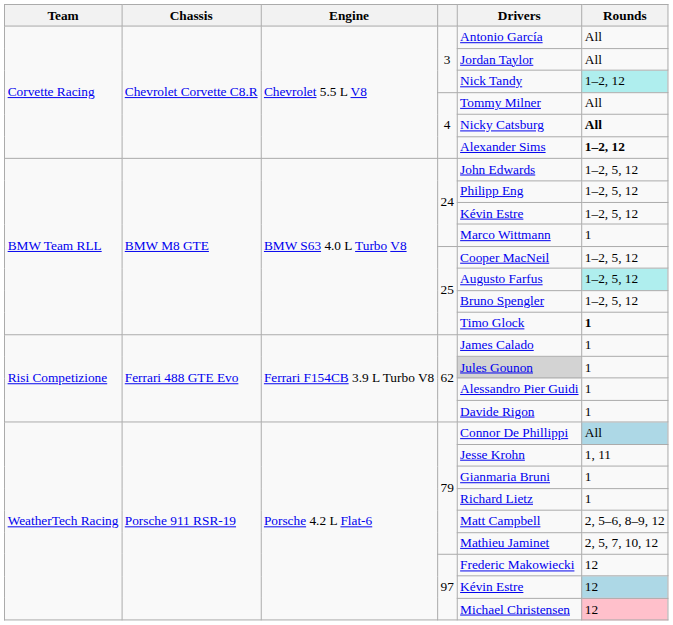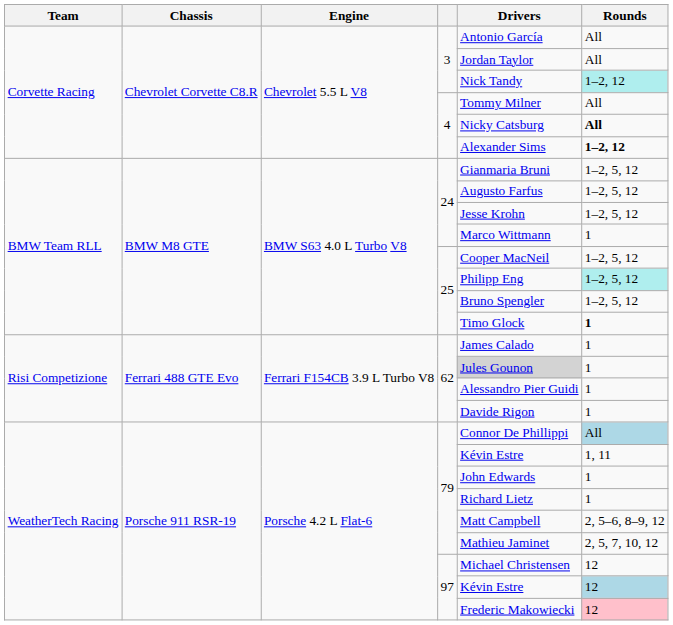 <table class="wikitable" style="font-size: 85%">
 <tr>
 <th>Team</th>
 <th>Chassis</th>
 <th>Engine</th>
 <th></th>
 <th>Drivers</th>
 <th>Rounds</th>
 </tr>
 <tr>
 <td rowspan=6> <a href='#'>Corvette Racing</a></td>
 <td rowspan=6><a href='#'>Chevrolet Corvette C8.R</a></td>
 <td rowspan=6><a href='#'>Chevrolet</a> 5.5 L  <a href='#'>V8</a></td>
 <td align="center" rowspan=3>3</td>
 <td> <a href='#'>Antonio García</a></td>
 <td>All</td>
 </tr>
 <tr>
 <td> <a href='#'>Jordan Taylor</a></td>
 <td>All</td>
 </tr>
 <tr>
 <td> <a href='#'>Nick Tandy</a></td>
 <td style="background: paleturquoise;">1–2, 12</td>
 </tr>
 <tr>
 <td align="center" rowspan=3>4</td>
 <td> <a href='#'>Tommy Milner</a></td>
 <td>All</td>
 </tr>
 <tr>
 <td> <a href='#'>Nicky Catsburg</a></td>
 <td><strong>All</strong></td>
 </tr>
 <tr>
 <td> <a href='#'>Alexander Sims</a></td>
 <td><strong>1–2, 12</strong></td>
 </tr>
 <tr>
 <td rowspan=8> <a href='#'>BMW Team RLL</a></td>
 <td rowspan=8><a href='#'>BMW M8 GTE</a></td>
 <td rowspan=8><a href='#'>BMW S63</a> 4.0 L <a href='#'>Turbo</a> <a href='#'>V8</a></td>
 <td align="center" rowspan=4>24</td>
-<td> <a href='#'>John Edwards</a></td>
+<td> <a href='#'>Gianmaria Bruni</a></td>
 <td>1–2, 5, 12</td>
 </tr>
 <tr>
-<td> <a href='#'>Philipp Eng</a></td>
+<td> <a href='#'>Augusto Farfus</a></td>
 <td>1–2, 5, 12</td>
 </tr>
 <tr>
-<td> <a href='#'>Kévin Estre</a></td>
+<td> <a href='#'>Jesse Krohn</a></td>
 <td>1–2, 5, 12</td>
 </tr>
 <tr>
 <td> <a href='#'>Marco Wittmann</a></td>
 <td>1</td>
 </tr>
 <tr>
 <td align="center" rowspan=4>25</td>
 <td> <a href='#'>Cooper MacNeil</a></td>
 <td>1–2, 5, 12</td>
 </tr>
 <tr>
-<td> <a href='#'>Augusto Farfus</a></td>
+<td> <a href='#'>Philipp Eng</a></td>
 <td style="background: paleturquoise;">1–2, 5, 12</td>
 </tr>
 <tr>
 <td> <a href='#'>Bruno Spengler</a></td>
 <td>1–2, 5, 12</td>
 </tr>
 <tr>
 <td> <a href='#'>Timo Glock</a></td>
 <td><strong>1</strong></td>
 </tr>
 <tr>
 <td rowspan=4> <a href='#'>Risi Competizione</a></td>
 <td rowspan=4><a href='#'>Ferrari 488 GTE Evo</a></td>
 <td rowspan=4><a href='#'>Ferrari F154CB</a> 3.9 L Turbo V8</td>
 <td rowspan=4 align="center">62</td>
 <td> <a href='#'>James Calado</a></td>
 <td>1</td>
 </tr>
 <tr>
 <td style="background: lightgrey;"> <a href='#'>Jules Gounon</a></td>
 <td>1</td>
 </tr>
 <tr>
 <td> <a href='#'>Alessandro Pier Guidi</a></td>
 <td>1</td>
 </tr>
 <tr>
 <td> <a href='#'>Davide Rigon</a></td>
 <td>1</td>
 </tr>
 <tr>
 <td rowspan="9"> <a href='#'>WeatherTech Racing</a></td>
 <td rowspan="9"><a href='#'>Porsche 911 RSR-19</a></td>
 <td rowspan="9"><a href='#'>Porsche</a> 4.2 L <a href='#'>Flat-6</a></td>
 <td rowspan=6 align="center">79</td>
 <td> <a href='#'>Connor De Phillippi</a></td>
 <td style="background: lightblue;">All</td>
 </tr>
 <tr>
-<td> <a href='#'>Jesse Krohn</a></td>
+<td> <a href='#'>Kévin Estre</a></td>
 <td>1, 11</td>
 </tr>
 <tr>
-<td> <a href='#'>Gianmaria Bruni</a></td>
+<td> <a href='#'>John Edwards</a></td>
 <td>1</td>
 </tr>
 <tr>
 <td> <a href='#'>Richard Lietz</a></td>
 <td>1</td>
 </tr>
 <tr>
 <td> <a href='#'>Matt Campbell</a></td>
 <td>2, 5–6, 8–9, 12</td>
 </tr>
 <tr>
 <td> <a href='#'>Mathieu Jaminet</a></td>
 <td>2, 5, 7, 10, 12</td>
 </tr>
 <tr>
 <td rowspan=3 align="center">97</td>
-<td> <a href='#'>Frederic Makowiecki</a></td>
+<td> <a href='#'>Michael Christensen</a></td>
 <td>12</td>
 </tr>
 <tr>
 <td> <a href='#'>Kévin Estre</a></td>
 <td style="background: lightblue;">12</td>
 </tr>
 <tr>
-<td> <a href='#'>Michael Christensen</a></td>
+<td> <a href='#'>Frederic Makowiecki</a></td>
 <td style="background: pink;">12</td>
 </tr>
 </table>
